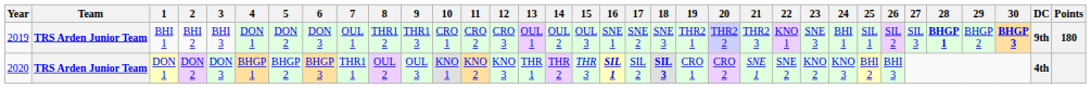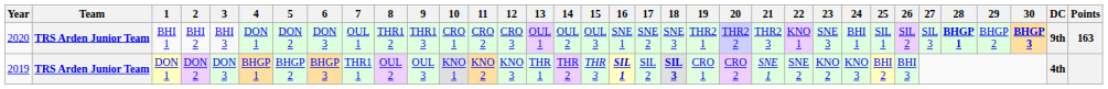 <table class="wikitable" style="text-align:center; font-size:85%">
 <tr>
 <th>Year</th>
 <th>Team</th>
 <th>1</th>
 <th>2</th>
 <th>3</th>
 <th>4</th>
 <th>5</th>
 <th>6</th>
 <th>7</th>
 <th>8</th>
 <th>9</th>
 <th>10</th>
 <th>11</th>
 <th>12</th>
 <th>13</th>
 <th>14</th>
 <th>15</th>
 <th>16</th>
 <th>17</th>
 <th>18</th>
 <th>19</th>
 <th>20</th>
 <th>21</th>
 <th>22</th>
 <th>23</th>
 <th>24</th>
 <th>25</th>
 <th>26</th>
 <th>27</th>
 <th>28</th>
 <th>29</th>
 <th>30</th>
 <th>DC</th>
 <th>Points</th>
 </tr>
 <tr>
-<td><a href='#'>2019</a></td>
+<td><a href='#'>2020</a></td>
 <th nowrap><a href='#'>TRS Arden Junior Team</a></th>
 <td style="background:#;"><a href='#'>BHI<br>1</a></td>
 <td style="background:#;"><a href='#'>BHI<br>2</a></td>
 <td style="background:#;"><a href='#'>BHI<br>3</a></td>
 <td style="background:#DFFFDF;"><a href='#'>DON<br>1</a><br></td>
 <td style="background:#DFFFDF;"><a href='#'>DON<br>2</a><br></td>
 <td style="background:#DFFFDF;"><a href='#'>DON<br>3</a><br></td>
 <td style="background:#DFFFDF;"><a href='#'>OUL<br>1</a><br></td>
 <td style="background:#DFFFDF;"><a href='#'>THR1<br>2</a><br></td>
 <td style="background:#DFFFDF;"><a href='#'>THR1<br>3</a><br></td>
 <td style="background:#DFFFDF;"><a href='#'>CRO<br>1</a><br></td>
 <td style="background:#DFFFDF;"><a href='#'>CRO<br>2</a><br></td>
 <td style="background:#DFFFDF;"><a href='#'>CRO<br>3</a><br></td>
 <td style="background:#EFCFFF;"><a href='#'>OUL<br>1</a><br></td>
 <td style="background:#DFFFDF;"><a href='#'>OUL<br>2</a><br></td>
 <td style="background:#DFFFDF;"><a href='#'>OUL<br>3</a><br></td>
 <td style="background:#DFFFDF;"><a href='#'>SNE<br>1</a><br></td>
 <td style="background:#DFFFDF;"><a href='#'>SNE<br>2</a><br></td>
 <td style="background:#DFFFDF;"><a href='#'>SNE<br>3</a><br></td>
 <td style="background:#DFFFDF;"><a href='#'>THR2<br>1</a><br></td>
 <td style="background:#CFCFFF;"><a href='#'>THR2<br>2</a><br></td>
 <td style="background:#DFFFDF;"><a href='#'>THR2<br>3</a><br></td>
 <td style="background:#EFCFFF;"><a href='#'>KNO<br>1</a><br></td>
 <td style="background:#DFFFDF;"><a href='#'>SNE<br>3</a><br></td>
 <td style="background:#DFFFDF;"><a href='#'>BHI<br>1</a><br></td>
 <td style="background:#DFFFDF;"><a href='#'>SIL<br>1</a><br></td>
 <td style="background:#EFCFFF;"><a href='#'>SIL<br>2</a><br></td>
 <td style="background:#DFFFDF;"><a href='#'>SIL<br>3</a><br></td>
 <td style="background:#DFFFDF;"><strong><a href='#'>BHGP<br>1</a></strong><br></td>
 <td style="background:#DFFFDF;"><a href='#'>BHGP<br>2</a><br></td>
 <td style="background:#FFDF9F;"><strong><a href='#'>BHGP<br>3</a></strong><br></td>
 <th>9th</th>
-<th>180</th>
+<th>163</th>
 </tr>
 <tr>
-<td><a href='#'>2020</a></td>
+<td><a href='#'>2019</a></td>
 <th nowrap><a href='#'>TRS Arden Junior Team</a></th>
 <td style="background:#FFFFBF;"><a href='#'>DON<br>1</a><br></td>
 <td style="background:#EFCFFF;"><a href='#'>DON<br>2</a><br></td>
 <td style="background:#DFFFDF;"><a href='#'>DON<br>3</a><br></td>
 <td style="background:#FFDF9F;"><a href='#'>BHGP<br>1</a><br></td>
 <td style="background:#DFFFDF;"><a href='#'>BHGP<br>2</a><br></td>
 <td style="background:#FFDF9F;"><a href='#'>BHGP<br>3</a><br></td>
 <td style="background:#DFFFDF;"><a href='#'>THR1<br>1</a><br></td>
 <td style="background:#EFCFFF;"><a href='#'>OUL<br>2</a><br></td>
 <td style="background:#DFFFDF;"><a href='#'>OUL<br>3</a><br></td>
 <td style="background:#DFDFDF;"><a href='#'>KNO<br>1</a><br></td>
 <td style="background:#FFDF9F;"><a href='#'>KNO<br>2</a><br></td>
 <td style="background:#DFFFDF;"><a href='#'>KNO<br>3</a><br></td>
 <td style="background:#DFFFDF;"><a href='#'>THR<br>1</a><br></td>
 <td style="background:#EFCFFF;"><a href='#'>THR<br>2</a><br></td>
 <td style="background:#DFFFDF;"><em><a href='#'>THR<br>3</a></em><br></td>
 <td style="background:#FFFFBF;"><strong><em><a href='#'>SIL<br>1</a></em></strong><br></td>
 <td style="background:#DFFFDF;"><a href='#'>SIL<br>2</a><br></td>
 <td style="background:#DFDFDF;"><strong><a href='#'>SIL<br>3</a></strong><br></td>
 <td style="background:#DFFFDF;"><a href='#'>CRO<br>1</a><br></td>
 <td style="background:#EFCFFF;"><a href='#'>CRO<br>2</a><br></td>
 <td style="background:#DFFFDF;"><em><a href='#'>SNE<br>1</a></em><br></td>
 <td style="background:#DFFFDF;"><a href='#'>SNE<br>2</a><br></td>
 <td style="background:#DFFFDF;"><a href='#'>KNO<br>2</a><br></td>
 <td style="background:#DFFFDF;"><a href='#'>KNO<br>3</a><br></td>
 <td style="background:#FFFFBF;"><a href='#'>BHI<br>2</a><br></td>
 <td style="background:#DFFFDF;"><a href='#'>BHI<br>3</a><br></td>
 <td colspan=4></td>
 <th>4th</th>
 <th></th>
 </tr>
 </table>
